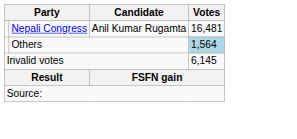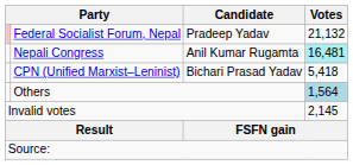 <table class="wikitable">
 <tr>
 <th colspan="2">Party</th>
 <th>Candidate</th>
 <th>Votes</th>
 </tr>
 <tr>
+<td style="background-color:pink"></td>
+<td><a href='#'>Federal Socialist Forum, Nepal</a></td>
+<td>Pradeep Yadav</td>
+<td>21,132</td>
+</tr>
+<tr>
 <td style="background-color:"></td>
 <td><a href='#'>Nepali Congress</a></td>
 <td>Anil Kumar Rugamta</td>
-<td>16,481</td>
+<td style="background: paleturquoise;">16,481</td>
+</tr>
+<tr>
+<td style="background-color:"></td>
+<td><a href='#'>CPN (Unified Marxist–Leninist)</a></td>
+<td>Bichari Prasad Yadav</td>
+<td>5,418</td>
 </tr>
 <tr>
 <td></td>
 <td colspan="2">Others</td>
 <td style="background: lightblue;">1,564</td>
 </tr>
 <tr>
 <td colspan="3">Invalid votes</td>
-<td>6,145</td>
+<td>2,145</td>
 </tr>
 <tr>
 <th colspan="2">Result</th>
 <th colspan="2">FSFN gain</th>
 </tr>
 <tr>
 <td colspan="4">Source: </td>
 </tr>
 </table>
